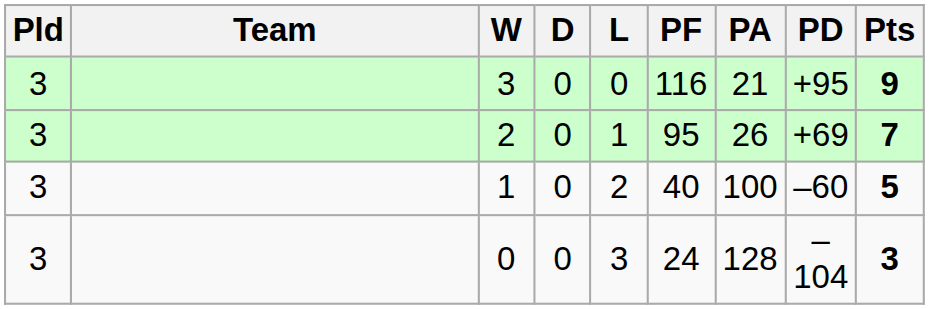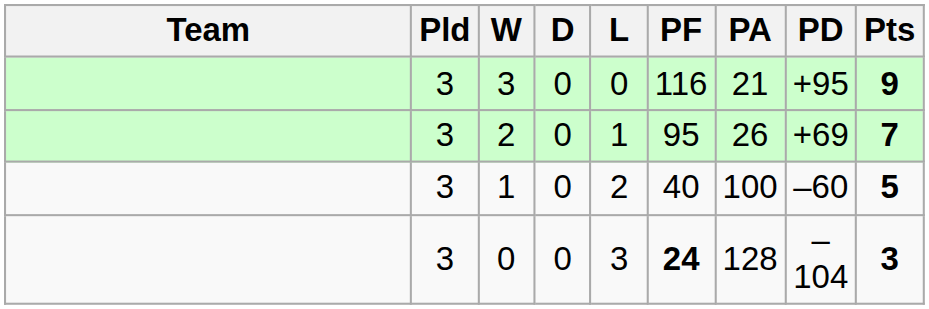 <table class="wikitable" style="text-align:center;">
 <tr>
+<th width=190>Team</th>
 <th width=20 abbr="Played">Pld</th>
-<th width=190>Team</th>
 <th width=20 abbr="Won">W</th>
 <th width=20 abbr="Drawn">D</th>
 <th width=20 abbr="Lost">L</th>
 <th width=20 abbr="Points for">PF</th>
 <th width=20 abbr="Points against">PA</th>
 <th width=25 abbr="Points difference">PD</th>
 <th width=20 abbr="Points">Pts</th>
 </tr>
 <tr style="background:#ccffcc">
+<td align=left></td>
 <td>3</td>
-<td align=left></td>
 <td>3</td>
 <td>0</td>
 <td>0</td>
 <td>116</td>
 <td>21</td>
 <td>+95</td>
 <td><strong>9</strong></td>
 </tr>
 <tr style="background:#ccffcc">
+<td align=left></td>
 <td>3</td>
-<td align=left></td>
 <td>2</td>
 <td>0</td>
 <td>1</td>
 <td>95</td>
 <td>26</td>
 <td>+69</td>
 <td><strong>7</strong></td>
 </tr>
 <tr>
+<td align=left></td>
 <td>3</td>
-<td align=left></td>
 <td>1</td>
 <td>0</td>
 <td>2</td>
 <td>40</td>
 <td>100</td>
 <td>–60</td>
 <td><strong>5</strong></td>
 </tr>
 <tr>
+<td align=left></td>
 <td>3</td>
-<td align=left></td>
 <td>0</td>
 <td>0</td>
 <td>3</td>
-<td>24</td>
+<td><strong>24</strong></td>
 <td>128</td>
 <td>–104</td>
 <td><strong>3</strong></td>
 </tr>
 </table>
